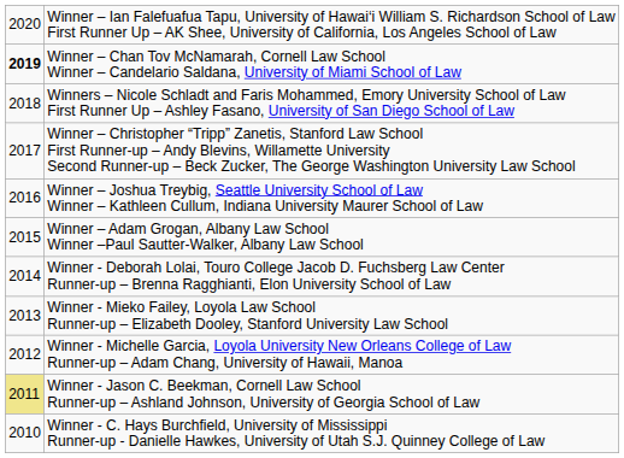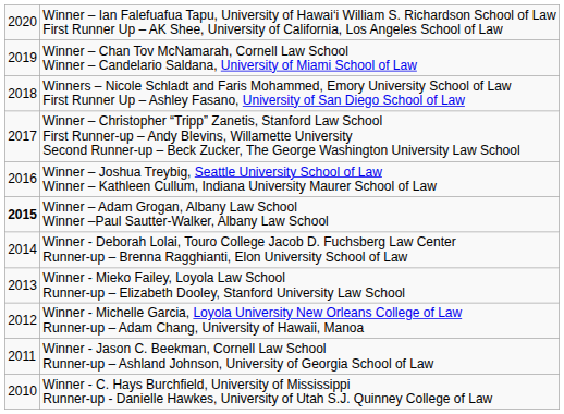 <table class="wikitable">
 <tr>
 <td>2020</td>
 <td>Winner –  Ian Falefuafua Tapu,  University of Hawai‘i William S. Richardson School of Law<br>First Runner Up – AK Shee, University of California, Los Angeles School of Law</td>
 </tr>
 <tr>
-<td><strong>2019</strong></td>
+<td>2019</td>
 <td>Winner – Chan Tov McNamarah, Cornell Law School<br>Winner – Candelario Saldana, <a href='#'>University of Miami School of Law</a></td>
 </tr>
 <tr>
 <td>2018</td>
 <td>Winners – Nicole Schladt and Faris Mohammed, Emory University School of Law<br>First Runner Up – Ashley Fasano, <a href='#'>University of San Diego School of Law</a></td>
 </tr>
 <tr>
 <td>2017</td>
 <td>Winner – Christopher “Tripp” Zanetis, Stanford Law School<br>First Runner-up – Andy Blevins, Willamette University<br>Second Runner-up – Beck Zucker, The George Washington University Law School</td>
 </tr>
 <tr>
 <td>2016</td>
 <td>Winner – Joshua Treybig, <a href='#'>Seattle University School of Law</a><br>Winner – Kathleen Cullum, Indiana University Maurer School of Law</td>
 </tr>
 <tr>
-<td>2015</td>
+<td><strong>2015</strong></td>
 <td>Winner – Adam Grogan, Albany Law School<br>Winner –Paul Sautter-Walker, Albany Law School</td>
 </tr>
 <tr>
 <td>2014</td>
 <td>Winner - Deborah Lolai, Touro College Jacob D. Fuchsberg Law Center<br>Runner-up – Brenna Ragghianti, Elon University School of Law</td>
 </tr>
 <tr>
 <td>2013</td>
 <td>Winner - Mieko Failey, Loyola Law School<br>Runner-up – Elizabeth Dooley, Stanford University Law School</td>
 </tr>
 <tr>
 <td>2012</td>
 <td>Winner - Michelle Garcia, <a href='#'>Loyola University New Orleans College of Law</a><br>Runner-up – Adam Chang, University of Hawaii, Manoa</td>
 </tr>
 <tr>
-<td style="background: khaki;">2011</td>
+<td>2011</td>
 <td>Winner - Jason C. Beekman, Cornell Law School<br>Runner-up – Ashland Johnson, University of Georgia School of Law</td>
 </tr>
 <tr>
 <td>2010</td>
 <td>Winner - C. Hays Burchfield, University of Mississippi<br>Runner-up - Danielle Hawkes, University of Utah S.J. Quinney College of Law</td>
 </tr>
 </table>
